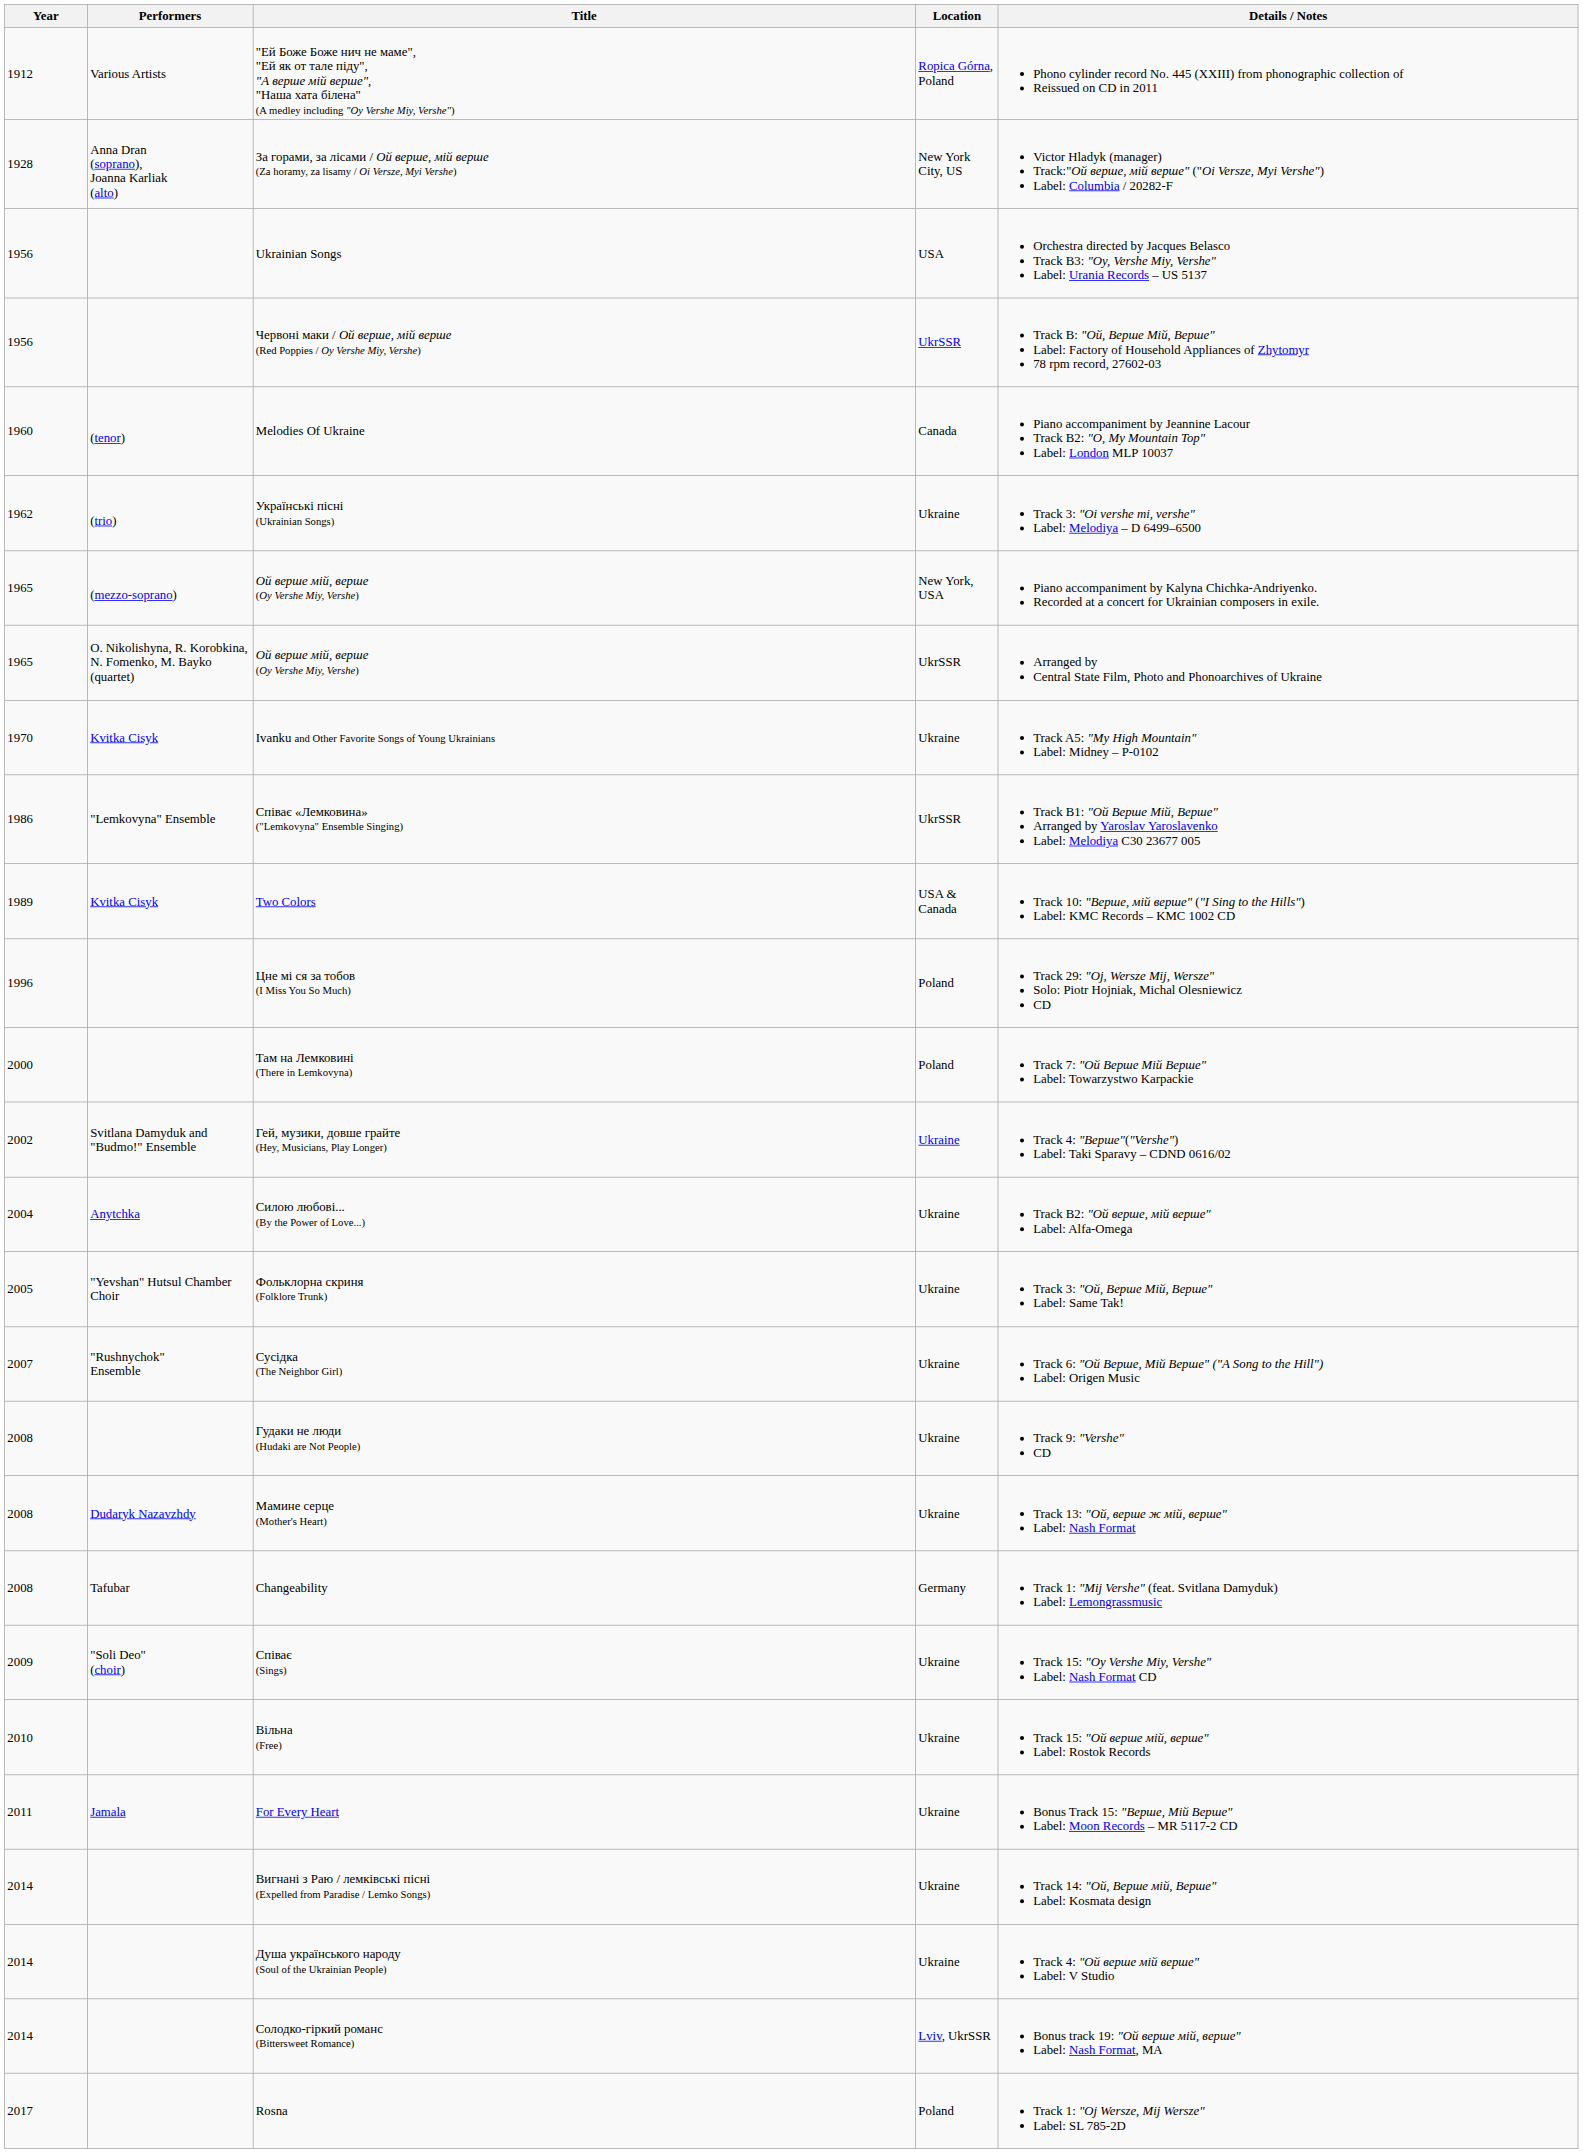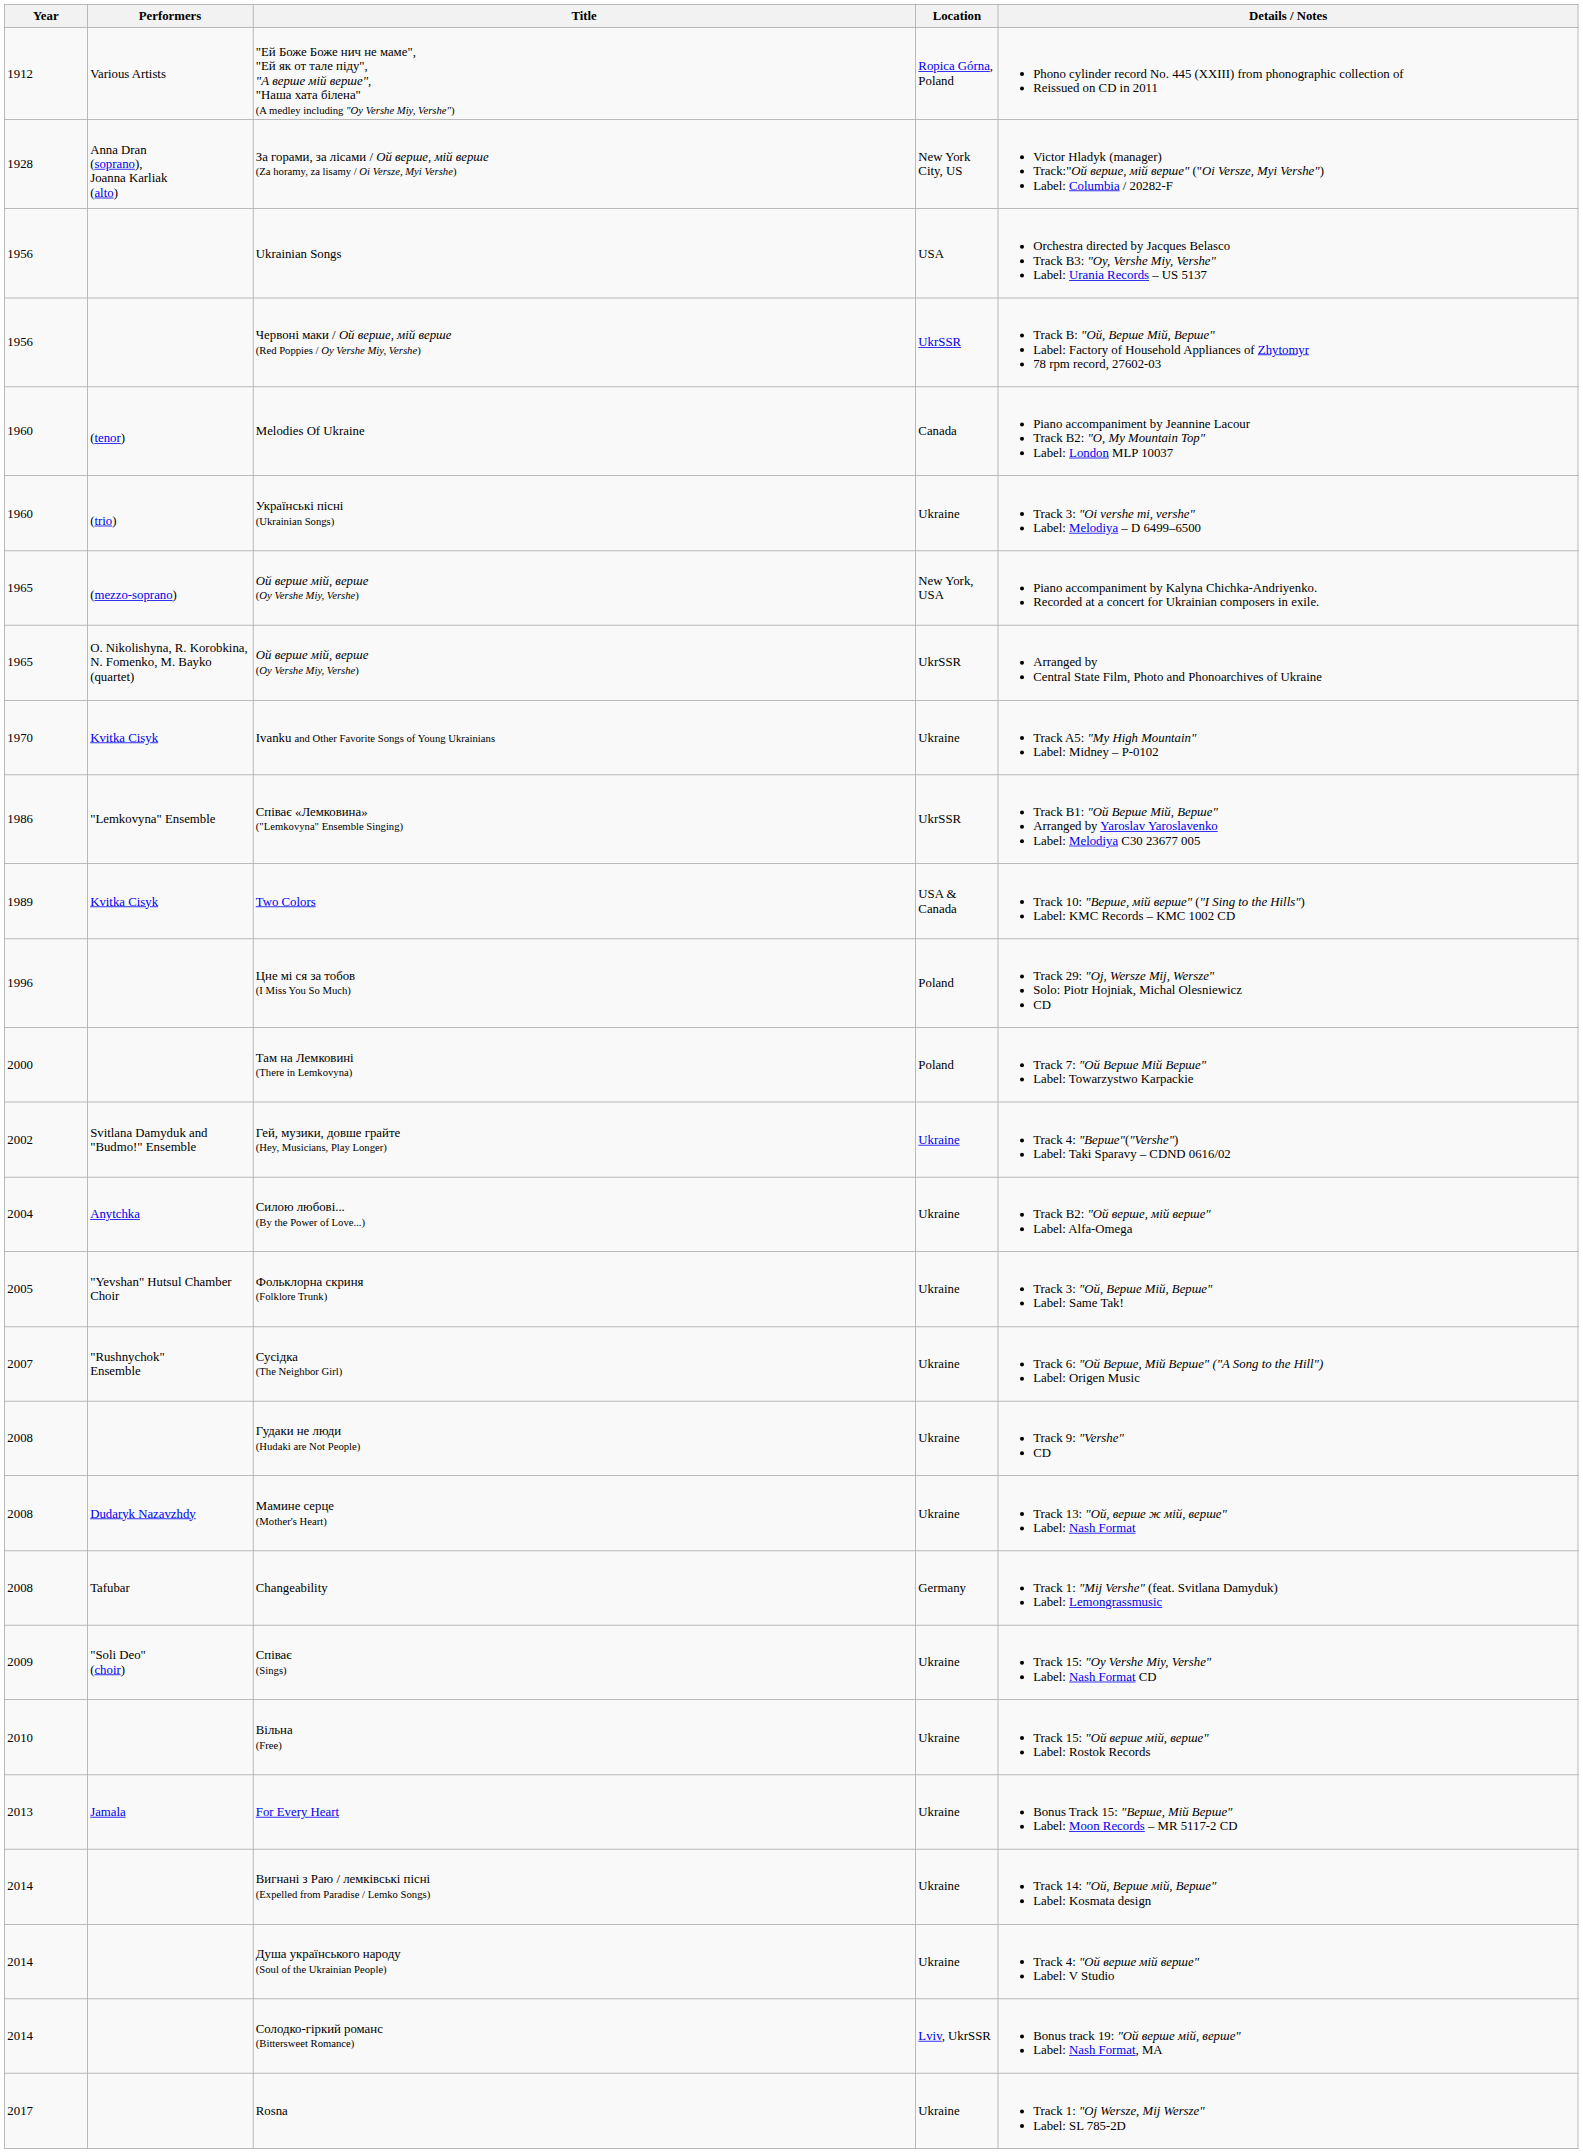 <table class="wikitable">
 <tr>
 <th style="padding: 0.3em; width: 5%;"><div>Year</div></th>
 <th style="padding: 0.3em; width: 10%;"><div>Performers</div></th>
 <th style="padding: 0.3em; width: 40%;"><div>Title</div></th>
 <th style="padding: 0.3em; width: 5%;"><div>Location</div></th>
 <th style="padding: 0.3em; width: 35%;"><div>Details / Notes</div></th>
 </tr>
 <tr>
 <td>1912</td>
 <td>Various Artists</td>
 <td><br>"Ей Боже Боже нич не маме",<br> "Ей як от тале піду",<br> <em>"А верше мій верше"</em>,<br> "Наша хата білена"<br> <small>(A medley including <em>"Oy Vershe Miy, Vershe"</em>)</small></td>
 <td><a href='#'>Ropica Górna</a>, Poland</td>
 <td><br><ul><li>Phono cylinder record No. 445 (XXIII) from phonographic collection of </li><li>Reissued on CD in 2011</li></ul></td>
 </tr>
 <tr>
 <td>1928</td>
 <td><br>Anna Dran<br> (<a href='#'>soprano</a>),<br> Joanna Karliak<br> (<a href='#'>alto</a>)</td>
 <td>За горами, за лісами / <em>Ой верше, мій верше</em><br><small>(Za horamy, za lisamy / <em>Oi Versze, Myi Vershe</em>)</small></td>
 <td>New York City, US</td>
 <td><br><ul><li>Victor Hladyk (manager)</li><li>Track:"<em>Ой верше, мій верше"</em> ("<em>Oi Versze, Myi Vershe"</em>)</li><li>Label: <a href='#'>Columbia</a> / 20282-F</li></ul></td>
 </tr>
 <tr>
 <td>1956</td>
 <td></td>
 <td>Ukrainian Songs</td>
 <td>USA</td>
 <td><br><ul><li>Orchestra directed by Jacques Belasco</li><li>Track B3: <em>"Oy, Vershe Miy, Vershe"</em></li><li>Label: <a href='#'>Urania Records</a> – US 5137<em></em></li></ul></td>
 </tr>
 <tr>
 <td>1956</td>
 <td></td>
 <td>Червоні маки / <em>Ой верше, мій верше</em><br><small>(Red Poppies / <em>Oy Vershe Miy, Vershe</em>)</small></td>
 <td><a href='#'>UkrSSR</a></td>
 <td><br><ul><li>Track B: <em>"Ой, Верше Мiй, Верше"</em></li><li>Label: Factory of Household Appliances of <a href='#'>Zhytomyr</a></li><li>78 rpm record, 27602-03</li></ul></td>
 </tr>
 <tr>
 <td>1960</td>
 <td><br>(<a href='#'>tenor</a>)</td>
 <td>Melodies Of Ukraine</td>
 <td>Canada</td>
 <td><br><ul><li>Piano accompaniment by Jeannine Lacour</li><li>Track B2: <em>"O, My Mountain Top"</em></li><li>Label: <a href='#'>London</a> MLP 10037</li></ul></td>
 </tr>
 <tr>
-<td>1962</td>
+<td>1960</td>
 <td><br>(<a href='#'>trio</a>)</td>
 <td>Українські пісні<br><small>(Ukrainian Songs)</small></td>
 <td>Ukraine</td>
 <td><br><ul><li>Track 3: <em>"Oi vershe mi, vershe"</em></li><li>Label: <a href='#'>Melodiya</a> – D 6499–6500</li></ul></td>
 </tr>
 <tr>
 <td>1965</td>
 <td><br>(<a href='#'>mezzo-soprano</a>)</td>
 <td><em>Ой верше мій, верше</em><br><small>(<em>Oy Vershe Miy, Vershe</em>)</small></td>
 <td>New York, USA</td>
 <td><br><ul><li>Piano accompaniment by Kalyna Chichka-Andriyenko.</li><li>Recorded at a concert for Ukrainian composers in exile.</li></ul></td>
 </tr>
 <tr>
 <td>1965</td>
 <td>O. Nikolishyna, R. Korobkina, N. Fomenko, M. Bayko<br>(quartet)</td>
 <td><em>Ой верше мій, верше</em><br><small>(<em>Oy Vershe Miy, Vershe</em>)</small></td>
 <td>UkrSSR</td>
 <td><br><ul><li>Arranged by </li><li>Central State Film, Photo and Phonoarchives of Ukraine</li></ul></td>
 </tr>
 <tr>
 <td>1970</td>
 <td><a href='#'>Kvitka Cisyk</a></td>
 <td>Ivanku <small>and Other Favorite Songs of Young Ukrainians</small></td>
 <td>Ukraine</td>
 <td><br><ul><li>Track A5: <em>"My High Mountain"</em></li><li>Label: Midney – P-0102</li></ul></td>
 </tr>
 <tr>
 <td>1986</td>
 <td>"Lemkovyna" Ensemble</td>
 <td>Співає «Лемковина»<br><small>("Lemkovyna" Ensemble Singing)</small></td>
 <td>UkrSSR</td>
 <td><br><ul><li>Track B1: <em>"Ой Верше Мій, Верше"</em></li><li>Arranged by <a href='#'>Yaroslav Yaroslavenko</a></li><li>Label: <a href='#'>Melodiya</a> C30 23677 005</li></ul></td>
 </tr>
 <tr>
 <td>1989</td>
 <td><a href='#'>Kvitka Cisyk</a></td>
 <td><a href='#'>Two Colors</a></td>
 <td>USA & Canada</td>
 <td><br><ul><li>Track 10: <em>"Верше, мій верше"</em> (<em>"I Sing to the Hills"</em>)</li><li>Label: KMC Records – KMC 1002 CD</li></ul></td>
 </tr>
 <tr>
 <td>1996</td>
 <td></td>
 <td>Цне мі ся за тобов<br><small>(I Miss You So Much)</small></td>
 <td>Poland</td>
 <td><br><ul><li>Track 29: <em>"Oj, Wersze Mij, Wersze"</em></li><li>Solo: Piotr Hojniak, Michal Olesniewicz</li><li>CD</li></ul></td>
 </tr>
 <tr>
 <td>2000</td>
 <td></td>
 <td>Там на Лемковині<br><small>(There in Lemkovyna)</small></td>
 <td>Poland</td>
 <td><br><ul><li>Track 7: <em>"Ой Верше Мій Верше"</em></li><li>Label: Towarzystwo Karpackie<em></em></li></ul></td>
 </tr>
 <tr>
 <td>2002</td>
 <td>Svitlana Damyduk and<br>"Budmo!" Ensemble</td>
 <td>Гей, музики, довше грайте<br><small>(Hey, Musicians, Play Longer)</small></td>
 <td><a href='#'>Ukraine</a></td>
 <td><br><ul><li>Track 4: <em>"Верше"</em>(<em>"Vershe"</em>)</li><li>Label: Taki Sparavy – CDND 0616/02</li></ul></td>
 </tr>
 <tr>
 <td>2004</td>
 <td><a href='#'>Anytchka</a></td>
 <td>Силою любові...<br><small>(By the Power of Love...)</small></td>
 <td>Ukraine</td>
 <td><br><ul><li>Track B2: <em>"Ой верше, мій верше"</em></li><li>Label: Alfa-Omega <em></em></li></ul></td>
 </tr>
 <tr>
 <td>2005</td>
 <td>"Yevshan" Hutsul Chamber Choir</td>
 <td>Фольклорна скриня<br><small>(Folklore Trunk)</small></td>
 <td>Ukraine</td>
 <td><br><ul><li>Track 3: <em>"Ой, Верше Мій, Верше"</em></li><li>Label: Same Tak!<em></em></li></ul></td>
 </tr>
 <tr>
 <td>2007</td>
 <td>"Rushnychok"<br>Ensemble</td>
 <td>Сусідка<br><small>(The Neighbor Girl)</small></td>
 <td>Ukraine</td>
 <td><br><ul><li>Track 6: <em>"Ой Верше, Мій Верше" ("A Song to the Hill")</em></li><li>Label: Origen Music</li></ul></td>
 </tr>
 <tr>
 <td>2008</td>
 <td></td>
 <td>Гудаки не люди<br><small>(Hudaki are Not People)</small></td>
 <td>Ukraine</td>
 <td><br><ul><li>Track 9: <em>"Vershe"</em></li><li>CD<em></em></li></ul></td>
 </tr>
 <tr>
 <td>2008</td>
 <td><a href='#'>Dudaryk Nazavzhdy</a></td>
 <td>Мамине серце<br><small>(Mother's Heart)</small></td>
 <td>Ukraine</td>
 <td><br><ul><li>Track 13: <em>"Ой, верше ж мій, верше"</em></li><li>Label: <a href='#'>Nash Format</a></li></ul></td>
 </tr>
 <tr>
 <td>2008</td>
 <td>Tafubar</td>
 <td>Changeability</td>
 <td>Germany</td>
 <td><br><ul><li>Track 1: <em>"Mij Vershe"</em> (feat. Svitlana Damyduk)</li><li>Label: <a href='#'>Lemongrassmusic</a></li></ul></td>
 </tr>
 <tr>
 <td>2009</td>
 <td>"Soli Deo"<br>(<a href='#'>choir</a>)</td>
 <td>Співає<br><small>(Sings)</small></td>
 <td>Ukraine</td>
 <td><br><ul><li>Track 15: <em>"Oy Vershe Miy, Vershe"</em></li><li>Label: <a href='#'>Nash Format</a> CD<em></em></li></ul></td>
 </tr>
 <tr>
 <td>2010</td>
 <td></td>
 <td>Вільна<br><small>(Free)</small></td>
 <td>Ukraine</td>
 <td><br><ul><li>Track 15: <em>"Ой верше мій, верше"</em></li><li>Label: Rostok Records<em></em></li></ul></td>
 </tr>
 <tr>
-<td>2011</td>
+<td>2013</td>
 <td><a href='#'>Jamala</a></td>
 <td><a href='#'>For Every Heart</a></td>
 <td>Ukraine</td>
 <td><br><ul><li>Bonus Track 15: <em>"Верше, Мій Верше"</em></li><li>Label: <a href='#'>Moon Records</a> – MR 5117-2 CD<em></em></li></ul></td>
 </tr>
 <tr>
 <td>2014</td>
 <td></td>
 <td>Вигнані з Раю / лемківські пісні<br><small>(Expelled from Paradise / Lemko Songs)</small></td>
 <td>Ukraine</td>
 <td><br><ul><li>Track 14: <em>"Ой, Верше мій, Верше"</em></li><li>Label: Kosmata design</li></ul></td>
 </tr>
 <tr>
 <td>2014</td>
 <td></td>
 <td>Душа українського народу<br><small>(Soul of the Ukrainian People)</small></td>
 <td>Ukraine</td>
 <td><br><ul><li>Track 4: <em>"Ой верше мій верше"</em></li><li>Label: V Studio<em></em></li></ul></td>
 </tr>
 <tr>
 <td>2014</td>
 <td></td>
 <td>Солодко-гіркий романс<br><small>(Bittersweet Romance)</small></td>
 <td><a href='#'>Lviv</a>, UkrSSR</td>
 <td><br><ul><li>Bonus track 19: <em>"Ой верше мій, верше"</em></li><li>Label: <a href='#'>Nash Format</a>, МА<em></em></li></ul></td>
 </tr>
 <tr>
 <td>2017</td>
 <td></td>
 <td>Rosna</td>
-<td>Poland</td>
+<td>Ukraine</td>
 <td><br><ul><li>Track 1: <em>"Oj Wersze, Mij Wersze"</em></li><li>Label:  SL 785-2D<em></em></li></ul></td>
 </tr>
 </table>
